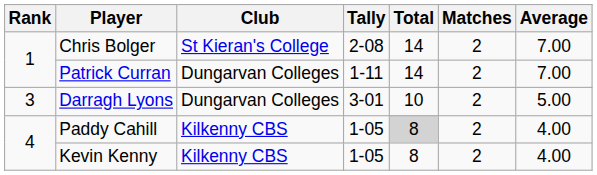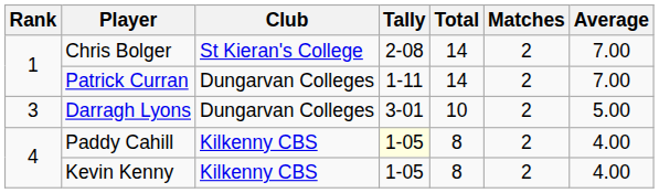 <table class="wikitable">
 <tr>
 <th>Rank</th>
 <th>Player</th>
 <th>Club</th>
 <th>Tally</th>
 <th>Total</th>
 <th>Matches</th>
 <th>Average</th>
 </tr>
 <tr>
 <td rowspan="2" style="text-align:center;">1</td>
 <td>Chris Bolger</td>
 <td><a href='#'>St Kieran's College</a></td>
 <td align=center>2-08</td>
 <td align=center>14</td>
 <td align=center>2</td>
 <td align=center>7.00</td>
 </tr>
 <tr>
 <td><a href='#'>Patrick Curran</a></td>
 <td>Dungarvan Colleges</td>
 <td align=center>1-11</td>
 <td align=center>14</td>
 <td align=center>2</td>
 <td align=center>7.00</td>
 </tr>
 <tr>
 <td rowspan="1" style="text-align:center;">3</td>
 <td><a href='#'>Darragh Lyons</a></td>
 <td>Dungarvan Colleges</td>
 <td align=center>3-01</td>
 <td align=center>10</td>
 <td align=center>2</td>
 <td align=center>5.00</td>
 </tr>
 <tr>
 <td rowspan="2" style="text-align:center;">4</td>
 <td>Paddy Cahill</td>
 <td><a href='#'>Kilkenny CBS</a></td>
-<td align=center>1-05</td>
-<td align=center style="background: lightgrey;">8</td>
+<td align=center style="background: lightyellow;">1-05</td>
+<td align=center>8</td>
 <td align=center>2</td>
 <td align=center>4.00</td>
 </tr>
 <tr>
 <td>Kevin Kenny</td>
 <td><a href='#'>Kilkenny CBS</a></td>
 <td align=center>1-05</td>
 <td align=center>8</td>
 <td align=center>2</td>
 <td align=center>4.00</td>
 </tr>
 </table>
